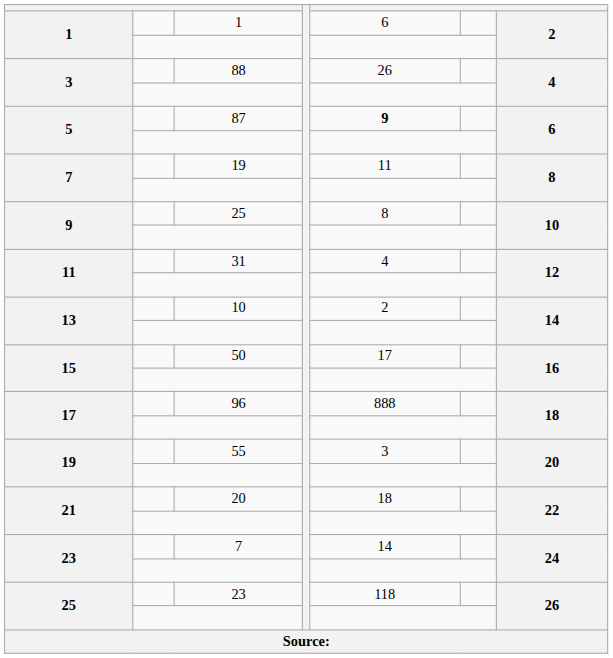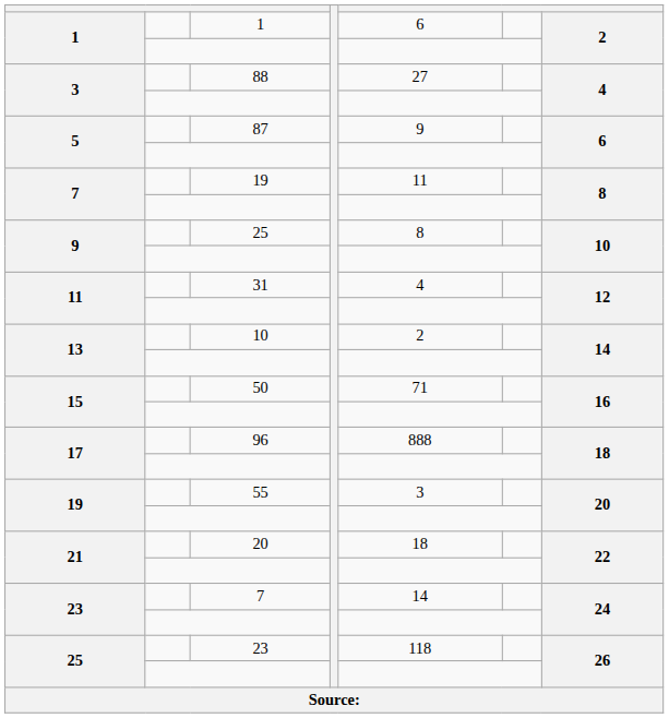 <table class="wikitable" style="font-size: 85%;">
 <tr>
 <th colspan="3" width="275px"></th>
 <th rowspan="27"></th>
 <th colspan="3" width="275px"></th>
 </tr>
 <tr>
 <th rowspan="2">1</th>
 <td align="left"><br></td>
 <td align="center">1</td>
 <td align="center">6</td>
 <td align="left"><br></td>
 <th rowspan="2">2</th>
 </tr>
 <tr>
 <td colspan="2" align="center"><br></td>
 <td colspan="2" align="center"><br></td>
 </tr>
 <tr>
 <th rowspan="2">3</th>
 <td align="left"><br></td>
 <td align="center">88</td>
-<td align="center">26</td>
+<td align="center">27</td>
 <td align="left"><br></td>
 <th rowspan="2">4</th>
 </tr>
 <tr>
 <td colspan="2" align="center"><br></td>
 <td colspan="2" align="center"><br></td>
 </tr>
 <tr>
 <th rowspan="2">5</th>
 <td align="left"><br></td>
 <td align="center">87</td>
-<td align="center"><strong>9</strong></td>
+<td align="center">9</td>
 <td align="left"><br></td>
 <th rowspan="2">6</th>
 </tr>
 <tr>
 <td colspan="2" align="center"><br></td>
 <td colspan="2" align="center"><br></td>
 </tr>
 <tr>
 <th rowspan="2">7</th>
 <td align="left"><br></td>
 <td align="center">19</td>
 <td align="center">11</td>
 <td align="left"><br></td>
 <th rowspan="2">8</th>
 </tr>
 <tr>
 <td colspan="2" align="center"><br></td>
 <td colspan="2" align="center"><br></td>
 </tr>
 <tr>
 <th rowspan="2">9</th>
 <td align="left"><br></td>
 <td align="center">25</td>
 <td align="center">8</td>
 <td align="left"><br></td>
 <th rowspan="2">10</th>
 </tr>
 <tr>
 <td colspan="2" align="center"><br></td>
 <td colspan="2" align="center"><br></td>
 </tr>
 <tr>
 <th rowspan="2">11</th>
 <td align="left"><br></td>
 <td align="center">31</td>
 <td align="center">4</td>
 <td align="left"><br></td>
 <th rowspan="2">12</th>
 </tr>
 <tr>
 <td colspan="2" align="center"><br></td>
 <td colspan="2" align="center"><br></td>
 </tr>
 <tr>
 <th rowspan="2">13</th>
 <td align="left"><br></td>
 <td align="center">10</td>
 <td align="center">2</td>
 <td align="left"><br></td>
 <th rowspan="2">14</th>
 </tr>
 <tr>
 <td colspan="2" align="center"><br></td>
 <td colspan="2" align="center"><br></td>
 </tr>
 <tr>
 <th rowspan="2">15</th>
 <td align="left"><br></td>
 <td align="center">50</td>
-<td align="center">17</td>
+<td align="center">71</td>
 <td align="left"><br></td>
 <th rowspan="2">16</th>
 </tr>
 <tr>
 <td colspan="2" align="center"><br></td>
 <td colspan="2" align="center"><br></td>
 </tr>
 <tr>
 <th rowspan="2">17</th>
 <td align="left"><br></td>
 <td align="center">96</td>
 <td align="center">888</td>
 <td align="left"><br></td>
 <th rowspan="2">18</th>
 </tr>
 <tr>
 <td colspan="2" align="center"><br></td>
 <td colspan="2" align="center"><br></td>
 </tr>
 <tr>
 <th rowspan="2">19</th>
 <td align="left"><br></td>
 <td align="center">55</td>
 <td align="center">3</td>
 <td align="left"><br></td>
 <th rowspan="2">20</th>
 </tr>
 <tr>
 <td colspan="2" align="center"><br></td>
 <td colspan="2" align="center"><br></td>
 </tr>
 <tr>
 <th rowspan="2">21</th>
 <td align="left"><br></td>
 <td align="center">20</td>
 <td align="center">18</td>
 <td align="left"><br></td>
 <th rowspan="2">22</th>
 </tr>
 <tr>
 <td colspan="2" align="center"><br></td>
 <td colspan="2" align="center"><br></td>
 </tr>
 <tr>
 <th rowspan="2">23</th>
 <td align="left"><br></td>
 <td align="center">7</td>
 <td align="center">14</td>
 <td align="left"><br></td>
 <th rowspan="2">24</th>
 </tr>
 <tr>
 <td colspan="2" align="center"><br></td>
 <td colspan="2" align="center"><br></td>
 </tr>
 <tr>
 <th rowspan="2">25</th>
 <td align="left"><br></td>
 <td align="center">23</td>
 <td align="center">118</td>
 <td align="left"><br></td>
 <th rowspan="2">26</th>
 </tr>
 <tr>
 <td colspan="2" align="center"><br></td>
 <td colspan="2" align="center"><br></td>
 </tr>
 <tr>
 <th colspan="7">Source:</th>
 </tr>
 </table>
